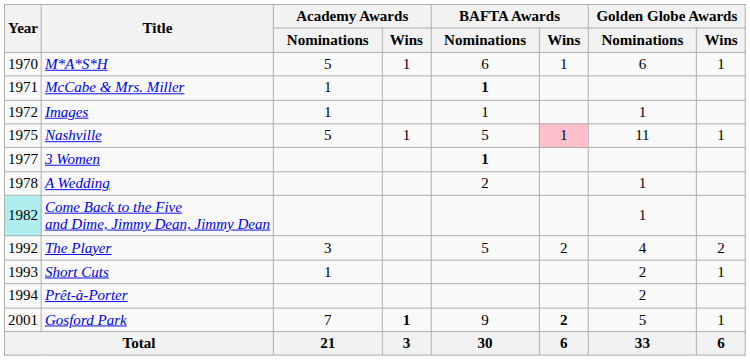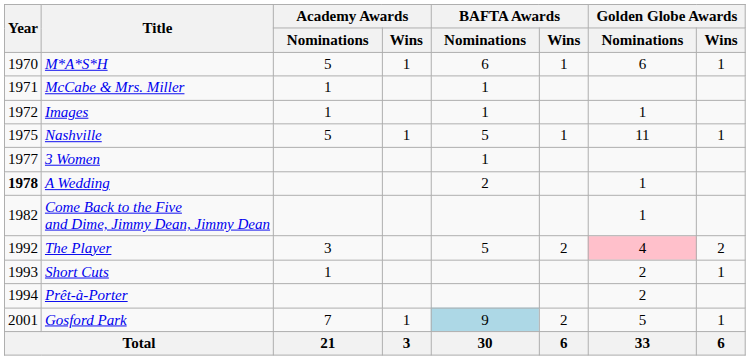 <table class="wikitable">
 <tr>
 <th rowspan="2">Year</th>
 <th rowspan="2">Title</th>
 <th colspan="2" style="text-align:center;" width=160>Academy Awards</th>
 <th colspan="2" style="text-align:center;" width=160>BAFTA Awards</th>
 <th colspan="2" style="text-align:center;" width=160>Golden Globe Awards</th>
 </tr>
 <tr>
 <th>Nominations</th>
 <th>Wins</th>
 <th>Nominations</th>
 <th>Wins</th>
 <th>Nominations</th>
 <th>Wins</th>
 </tr>
 <tr>
 <td>1970</td>
 <td><em><a href='#'>M*A*S*H</a></em></td>
 <td align=center>5</td>
 <td align=center>1</td>
 <td align=center>6</td>
 <td align=center>1</td>
 <td align=center>6</td>
 <td align=center>1</td>
 </tr>
 <tr>
 <td>1971</td>
 <td><em><a href='#'>McCabe & Mrs. Miller</a></em></td>
 <td align=center>1</td>
 <td align=center></td>
-<td align=center><strong>1</strong></td>
+<td align=center>1</td>
 <td align=center></td>
 <td align=center></td>
 <td align=center></td>
 </tr>
 <tr>
 <td>1972</td>
 <td><em><a href='#'>Images</a></em></td>
 <td align=center>1</td>
 <td align=center></td>
 <td align=center>1</td>
 <td align=center></td>
 <td align=center>1</td>
 <td align=center></td>
 </tr>
 <tr>
 <td>1975</td>
 <td><em><a href='#'>Nashville</a></em></td>
 <td align=center>5</td>
 <td align=center>1</td>
 <td align=center>5</td>
-<td align=center style="background: pink;">1</td>
+<td align=center>1</td>
 <td align=center>11</td>
 <td align=center>1</td>
 </tr>
 <tr>
 <td>1977</td>
 <td><em><a href='#'>3 Women</a></em></td>
 <td align=center></td>
 <td align=center></td>
-<td align=center><strong>1</strong></td>
+<td align=center>1</td>
 <td align=center></td>
 <td align=center></td>
 <td align=center></td>
 </tr>
 <tr>
-<td>1978</td>
+<td><strong>1978</strong></td>
 <td><em><a href='#'>A Wedding</a></em></td>
 <td align=center></td>
 <td align=center></td>
 <td align=center>2</td>
 <td align=center></td>
 <td align=center>1</td>
 <td align=center></td>
 </tr>
 <tr>
-<td style="background: paleturquoise;">1982</td>
+<td>1982</td>
 <td><em><a href='#'>Come Back to the Five <br> and Dime, Jimmy Dean, Jimmy Dean</a></em></td>
 <td align=center></td>
 <td align=center></td>
 <td align=center></td>
 <td align=center></td>
 <td align=center>1</td>
 <td align=center></td>
 </tr>
 <tr>
 <td>1992</td>
 <td><em><a href='#'>The Player</a></em></td>
 <td align=center>3</td>
 <td align=center></td>
 <td align=center>5</td>
 <td align=center>2</td>
-<td align=center>4</td>
+<td align=center style="background: pink;">4</td>
 <td align=center>2</td>
 </tr>
 <tr>
 <td>1993</td>
 <td><em><a href='#'>Short Cuts</a></em></td>
 <td align=center>1</td>
 <td align=center></td>
 <td align=center></td>
 <td align=center></td>
 <td align=center>2</td>
 <td align=center>1</td>
 </tr>
 <tr>
 <td>1994</td>
 <td><em><a href='#'>Prêt-à-Porter</a></em></td>
 <td align=center></td>
 <td align=center></td>
 <td align=center></td>
 <td align=center></td>
 <td align=center>2</td>
 <td align=center></td>
 </tr>
 <tr>
 <td>2001</td>
 <td><em><a href='#'>Gosford Park</a></em></td>
 <td align=center>7</td>
-<td align=center><strong>1</strong></td>
-<td align=center>9</td>
-<td align=center><strong>2</strong></td>
+<td align=center>1</td>
+<td align=center style="background: lightblue;">9</td>
+<td align=center>2</td>
 <td align=center>5</td>
 <td align=center>1</td>
 </tr>
 <tr>
 <th colspan="2">Total</th>
 <th align=center>21</th>
 <th align=center>3</th>
 <th align=center>30</th>
 <th align=center>6</th>
 <th align=center>33</th>
 <th align=center>6</th>
 </tr>
 </table>
